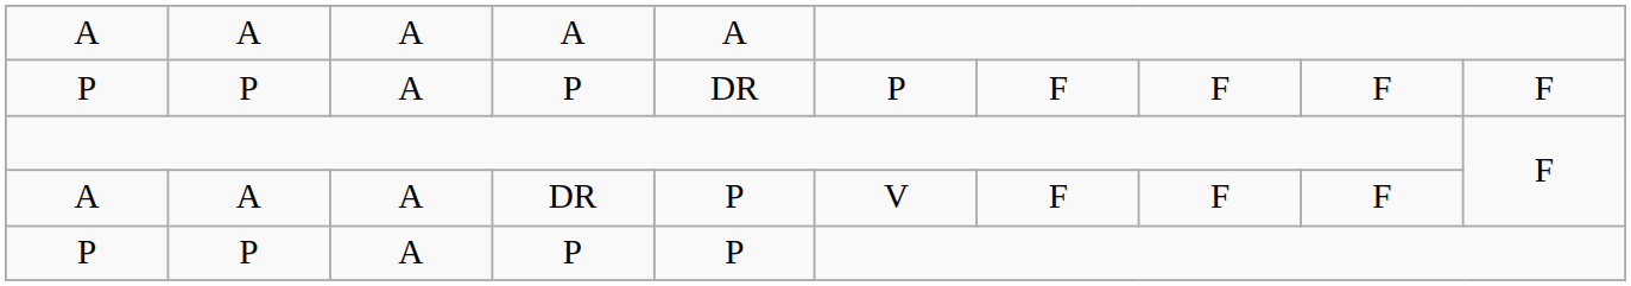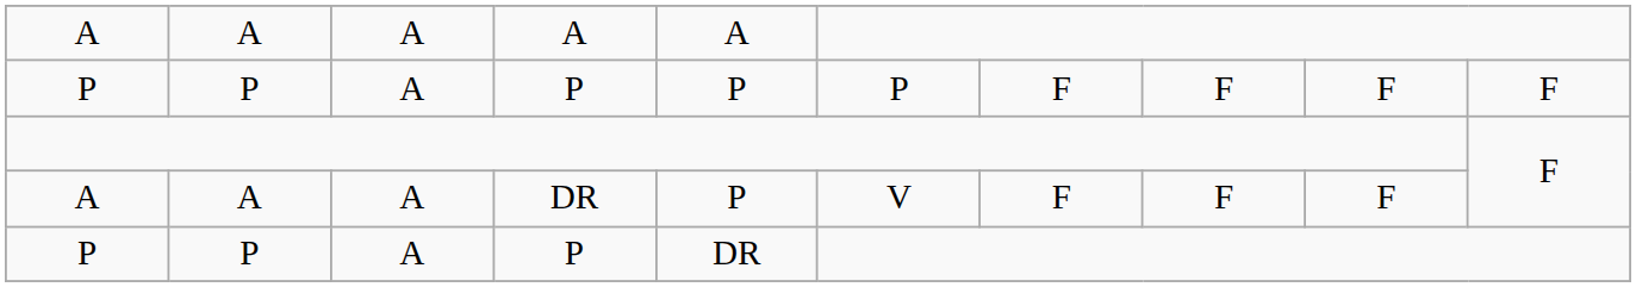 <table class="wikitable" style="text-align:center" width=750px>
 <tr>
 <td>A</td>
 <td>A</td>
 <td>A</td>
 <td>A</td>
 <td>A</td>
 </tr>
 <tr>
 <td>P</td>
 <td>P</td>
 <td width=50px >A</td>
 <td>P</td>
-<td width=50px >DR<br></td>
+<td>P</td>
 <td>P</td>
 <td width=50px >F<br></td>
 <td width=50px >F<br></td>
 <td width=50px >F<br></td>
 <td width=50px >F<br></td>
 </tr>
 <tr>
 <td colspan=9 style="text-align:right"> </td>
 <td rowspan=2 width=50px >F<br></td>
 </tr>
 <tr>
 <td width=50px >A</td>
 <td width=50px >A</td>
 <td width=50px >A</td>
 <td width=50px >DR<br></td>
 <td>P</td>
 <td width=50px >V</td>
 <td>F<br></td>
 <td>F<br></td>
 <td>F<br></td>
 </tr>
 <tr>
 <td>P</td>
 <td>P</td>
 <td width=50px >A</td>
 <td>P</td>
-<td>P</td>
+<td width=50px >DR<br></td>
 </tr>
 </table>
